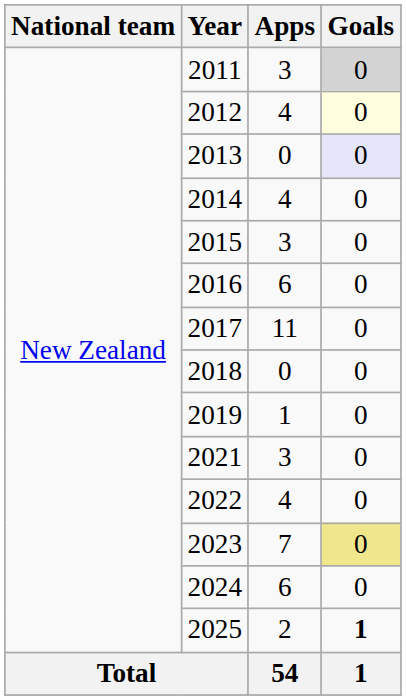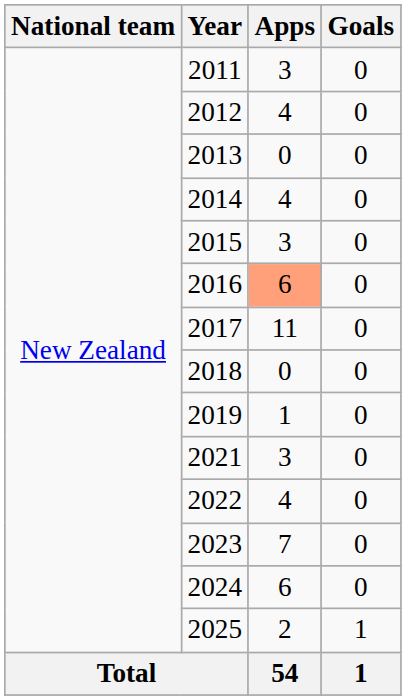 <table class="wikitable" style="text-align:center">
 <tr>
 <th>National team</th>
 <th>Year</th>
 <th>Apps</th>
 <th>Goals</th>
 </tr>
 <tr>
 <td rowspan="14"><a href='#'>New Zealand</a></td>
 <td>2011</td>
 <td>3</td>
-<td style="background: lightgrey;">0</td>
+<td>0</td>
 </tr>
 <tr>
 <td>2012</td>
 <td>4</td>
-<td style="background: lightyellow;">0</td>
+<td>0</td>
 </tr>
 <tr>
 <td>2013</td>
 <td>0</td>
-<td style="background: lavender;">0</td>
+<td>0</td>
 </tr>
 <tr>
 <td>2014</td>
 <td>4</td>
 <td>0</td>
 </tr>
 <tr>
 <td>2015</td>
 <td>3</td>
 <td>0</td>
 </tr>
 <tr>
 <td>2016</td>
-<td>6</td>
+<td style="background: lightsalmon;">6</td>
 <td>0</td>
 </tr>
 <tr>
 <td>2017</td>
 <td>11</td>
 <td>0</td>
 </tr>
 <tr>
 <td>2018</td>
 <td>0</td>
 <td>0</td>
 </tr>
 <tr>
 <td>2019</td>
 <td>1</td>
 <td>0</td>
 </tr>
 <tr>
 <td>2021</td>
 <td>3</td>
 <td>0</td>
 </tr>
 <tr>
 <td>2022</td>
 <td>4</td>
 <td>0</td>
 </tr>
 <tr>
 <td>2023</td>
 <td>7</td>
-<td style="background: khaki;">0</td>
+<td>0</td>
 </tr>
 <tr>
 <td>2024</td>
 <td>6</td>
 <td>0</td>
 </tr>
 <tr>
 <td>2025</td>
 <td>2</td>
-<td><strong>1</strong></td>
+<td>1</td>
 </tr>
 <tr>
 <th colspan="2">Total</th>
 <th>54</th>
 <th>1</th>
 </tr>
 </table>
